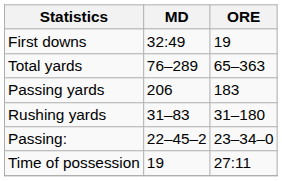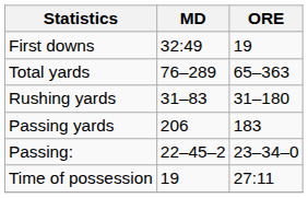 <table class="wikitable" style="float: left;">
 <tr>
 <th>Statistics</th>
 <th>MD</th>
 <th>ORE</th>
 </tr>
 <tr>
 <td>First downs</td>
 <td>32:49</td>
 <td>19</td>
 </tr>
 <tr>
 <td>Total yards</td>
 <td>76–289</td>
 <td>65–363</td>
 </tr>
 <tr>
+<td>Rushing yards</td>
+<td>31–83</td>
+<td>31–180</td>
+</tr>
+<tr>
 <td>Passing yards</td>
 <td>206</td>
 <td>183</td>
-</tr>
-<tr>
-<td>Rushing yards</td>
-<td>31–83</td>
-<td>31–180</td>
 </tr>
 <tr>
 <td>Passing:</td>
 <td>22–45–2</td>
 <td>23–34–0</td>
 </tr>
 <tr>
 <td>Time of possession</td>
 <td>19</td>
 <td>27:11</td>
 </tr>
 <tr>
 </tr>
 </table>
